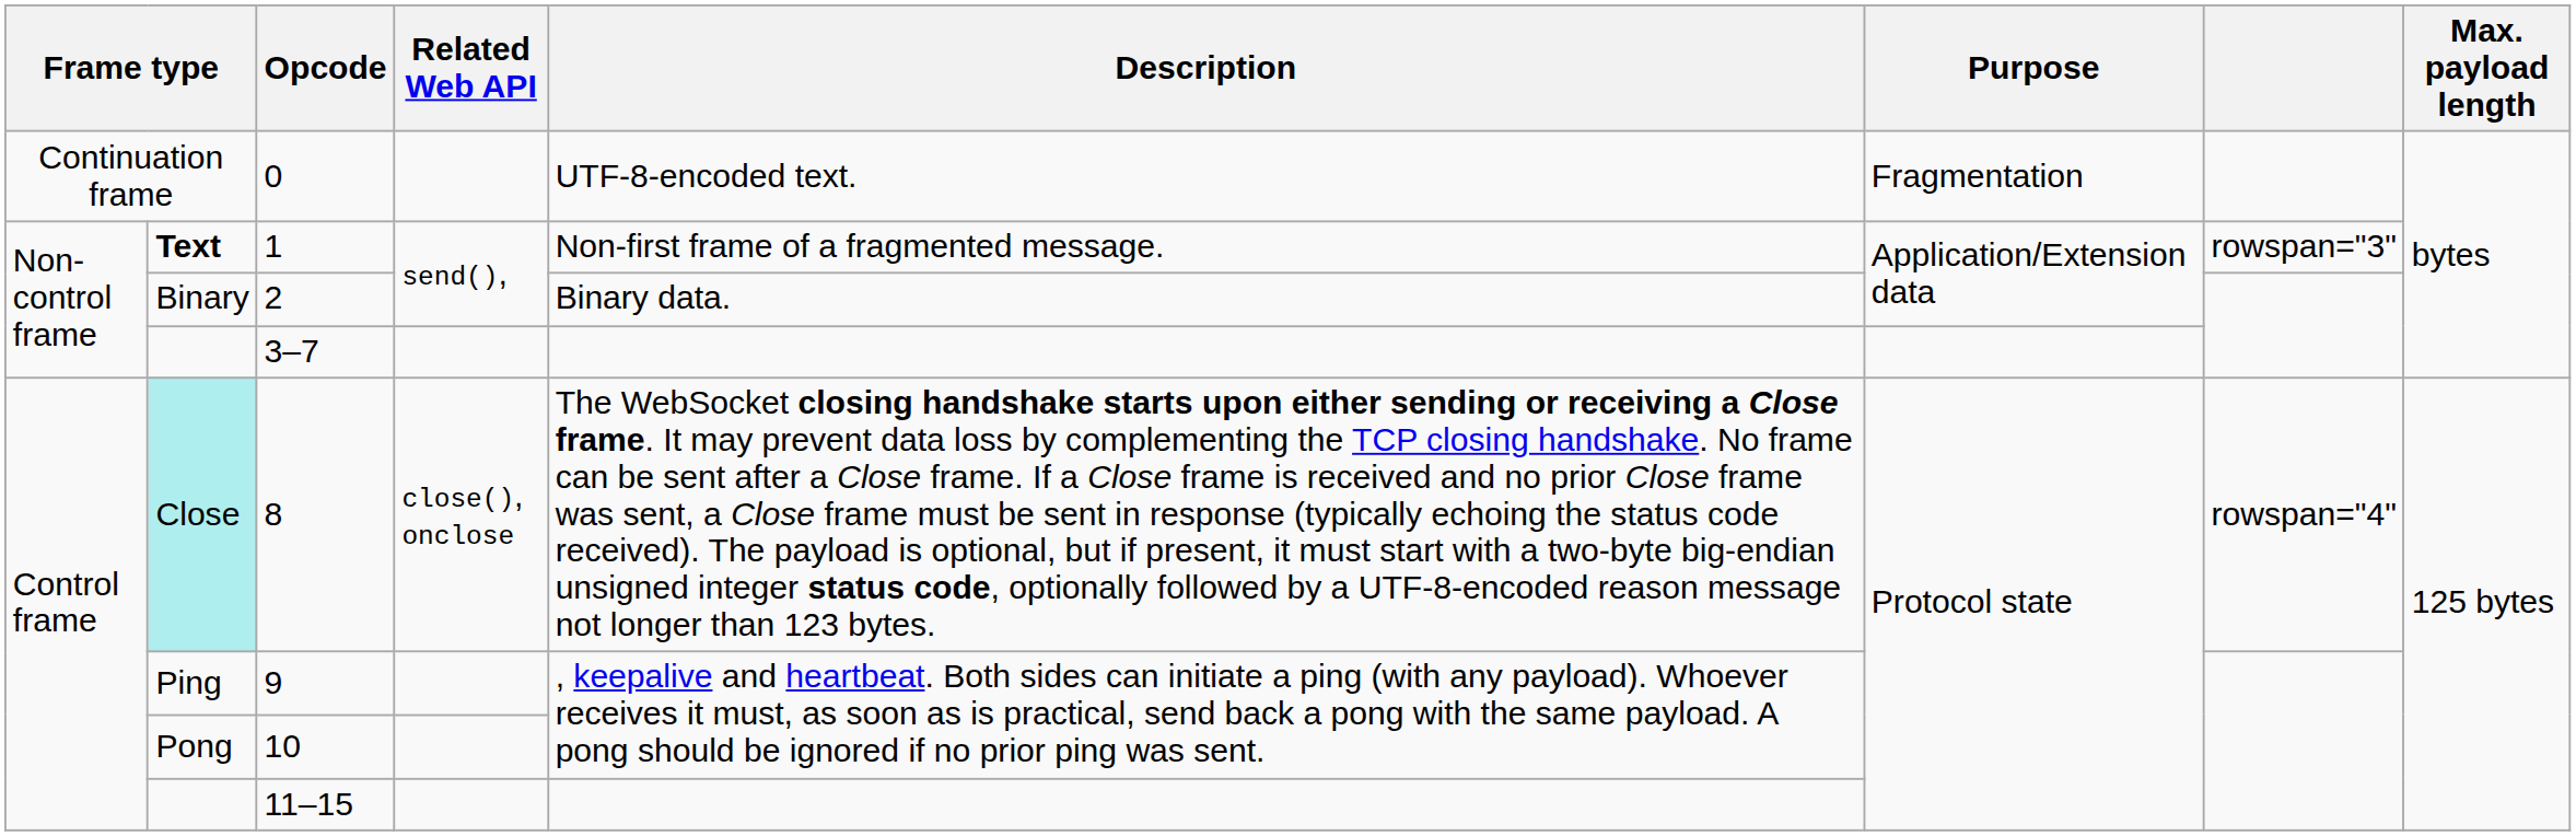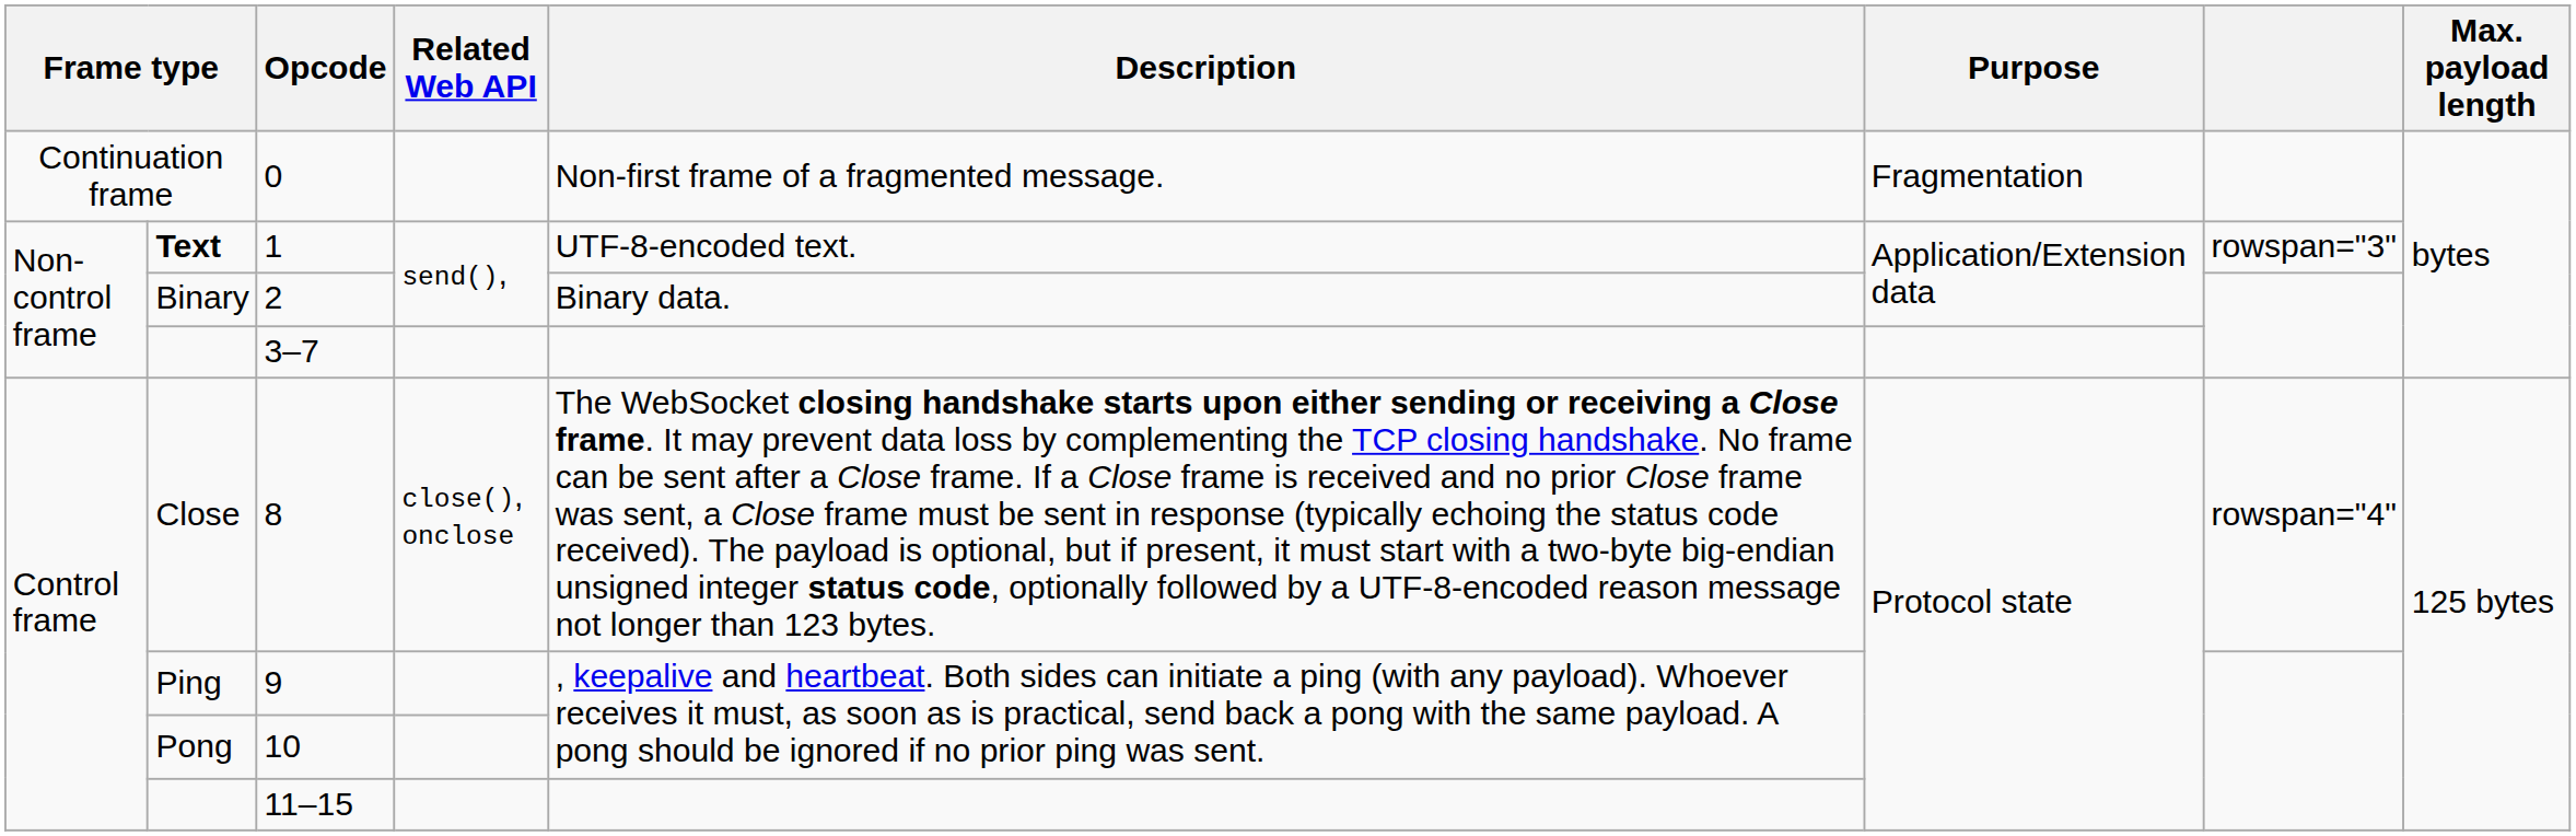 <table class="wikitable">
 <tr>
 <th colspan="2">Frame type</th>
 <th>Opcode</th>
 <th>Related<br><a href='#'>Web API</a></th>
 <th>Description</th>
 <th>Purpose</th>
 <th></th>
 <th>Max. payload length</th>
 </tr>
 <tr>
 <td colspan="2" align="center">Continuation frame</td>
 <td>0</td>
 <td></td>
-<td>UTF-8-encoded text.</td>
+<td>Non-first frame of a fragmented message.</td>
 <td>Fragmentation</td>
 <td></td>
 <td rowspan="4"> bytes</td>
 </tr>
 <tr>
 <td rowspan="3">Non-control frame</td>
 <td><strong>Text</strong></td>
 <td>1</td>
 <td rowspan="2"><code>send()</code>, </td>
-<td>Non-first frame of a fragmented message.</td>
+<td>UTF-8-encoded text.</td>
 <td rowspan="2">Application/Extension data</td>
 <td>rowspan="3" </td>
 </tr>
 <tr>
 <td>Binary</td>
 <td>2</td>
 <td>Binary data.</td>
 </tr>
 <tr>
 <td></td>
 <td>3–7</td>
 <td></td>
 <td></td>
 <td></td>
 </tr>
 <tr>
 <td rowspan="4">Control frame</td>
-<td style="background: paleturquoise;">Close</td>
+<td>Close</td>
 <td>8</td>
 <td><code>close()</code>, <code>onclose</code></td>
 <td>The WebSocket <strong>closing handshake starts upon either sending or receiving a <em>Close</em> frame</strong>. It may prevent data loss by complementing the <a href='#'>TCP closing handshake</a>. No frame can be sent after a <em>Close</em> frame. If a <em>Close</em> frame is received and no prior <em>Close</em> frame was sent, a <em>Close</em> frame must be sent in response (typically echoing the status code received). The payload is optional, but if present, it must start with a two-byte big-endian unsigned integer <strong>status code</strong>, optionally followed by a UTF-8-encoded reason message not longer than 123 bytes.</td>
 <td rowspan="4">Protocol state</td>
 <td>rowspan="4" </td>
 <td rowspan="4">125 bytes</td>
 </tr>
 <tr>
 <td>Ping</td>
 <td>9</td>
 <td></td>
 <td rowspan="2">, <a href='#'>keepalive</a> and <a href='#'>heartbeat</a>. Both sides can initiate a ping (with any payload). Whoever receives it must, as soon as is practical, send back a pong with the same payload. A pong should be ignored if no prior ping was sent.</td>
 </tr>
 <tr>
 <td>Pong</td>
 <td>10</td>
 <td></td>
 </tr>
 <tr>
 <td></td>
 <td>11–15</td>
 <td></td>
 <td></td>
 </tr>
 </table>
